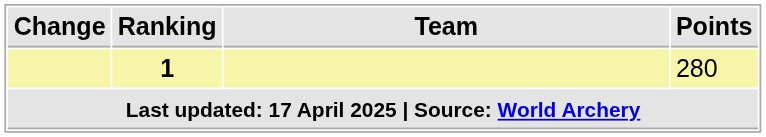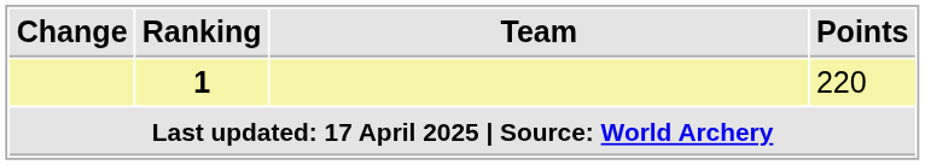 <table cellspacing="1" cellpadding="3" style="border:1px solid #aaa; font-size:90%; float: left; margin-left: 1em;">
 <tr style="background:#e4e4e4;">
 <th style="border-bottom:1px solid #aaa; width:10px;">Change</th>
 <th style="border-bottom:1px solid #aaa; width:10px;">Ranking</th>
 <th style="border-bottom:1px solid #aaa; width:250px;">Team</th>
 <th style="border-bottom:1px solid #aaa; width:30px;">Points</th>
 </tr>
 <tr style="background:#f7f6a8">
 <td style="text-align:center;"></td>
 <td style="text-align:center;"><strong>1</strong></td>
 <td></td>
-<td>280</td>
+<td>220</td>
 </tr>
 <tr style="background:#e4e4e4;">
 <th colspan=4 style="border-bottom:1px solid #aaa; width:10px;"><small>Last updated: 17 April 2025 | Source: <a href='#'>World Archery</a></small></th>
 </tr>
 </table>
